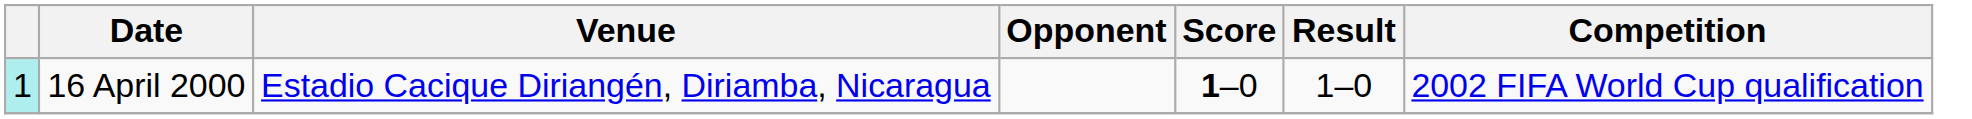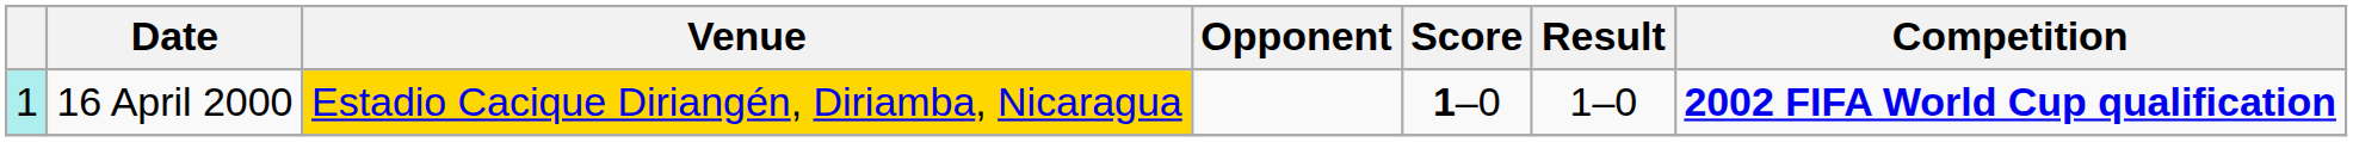 <table class="wikitable">
 <tr>
 <th></th>
 <th>Date</th>
 <th>Venue</th>
 <th>Opponent</th>
 <th>Score</th>
 <th>Result</th>
 <th>Competition</th>
 </tr>
 <tr>
 <td align="center" style="background: paleturquoise;">1</td>
 <td>16 April 2000</td>
-<td><a href='#'>Estadio Cacique Diriangén</a>, <a href='#'>Diriamba</a>, <a href='#'>Nicaragua</a></td>
+<td style="background: gold;"><a href='#'>Estadio Cacique Diriangén</a>, <a href='#'>Diriamba</a>, <a href='#'>Nicaragua</a></td>
 <td></td>
 <td align="center"><strong>1</strong>–0</td>
 <td align="center">1–0</td>
-<td><a href='#'>2002 FIFA World Cup qualification</a></td>
+<td><strong><a href='#'>2002 FIFA World Cup qualification</a></strong></td>
 </tr>
 <tr>
 </tr>
 </table>
